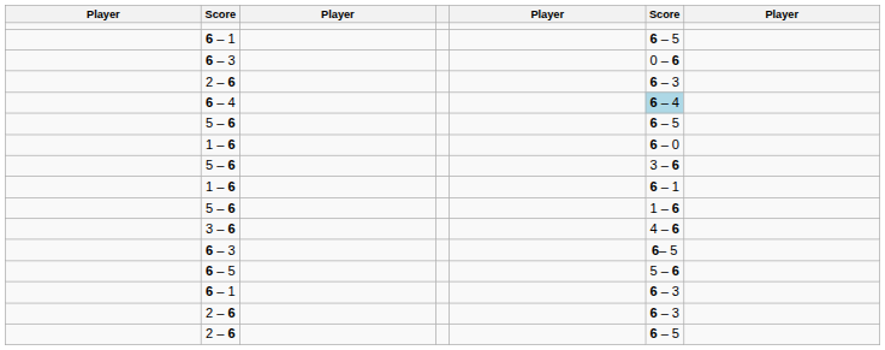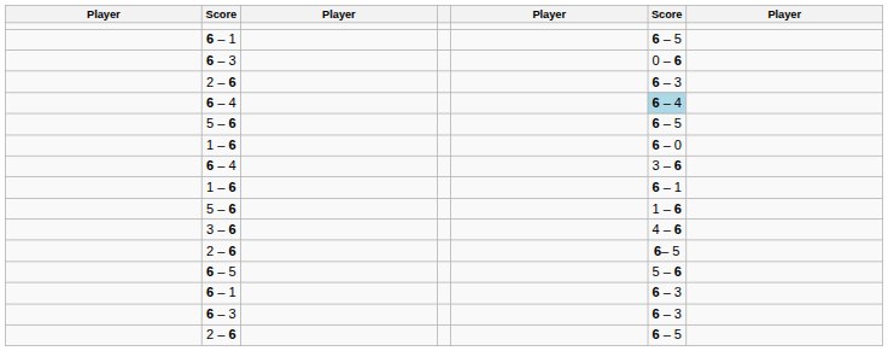 <table class="wikitable">
 <tr style="font-size:10pt;font-weight:bold">
 <th width=230>Player</th>
 <th width=40>Score</th>
 <th width=230>Player</th>
 <th width=10></th>
 <th width=230>Player</th>
 <th width=40>Score</th>
 <th width=230>Player</th>
 </tr>
 <tr>
 <td></td>
 <td align=center></td>
 <td></td>
 <td></td>
 <td></td>
 <td align=center></td>
 <td></td>
 </tr>
 <tr>
 <td></td>
 <td align=center><strong>6</strong> – 1</td>
 <td></td>
 <td></td>
 <td></td>
 <td align=center><strong>6</strong> – 5</td>
 <td></td>
 </tr>
 <tr>
 <td></td>
 <td align=center><strong>6</strong> – 3</td>
 <td></td>
 <td></td>
 <td></td>
 <td align=center>0 – <strong>6</strong></td>
 <td></td>
 </tr>
 <tr>
 <td></td>
 <td align=center>2 – <strong>6</strong></td>
 <td></td>
 <td></td>
 <td></td>
 <td align=center><strong>6</strong> – 3</td>
 <td></td>
 </tr>
 <tr>
 <td></td>
 <td align=center><strong>6</strong> – 4</td>
 <td></td>
 <td></td>
 <td></td>
 <td align=center style="background: lightblue;"><strong>6</strong> – 4</td>
 <td></td>
 </tr>
 <tr>
 <td></td>
 <td align=center>5 – <strong>6</strong></td>
 <td></td>
 <td></td>
 <td></td>
 <td align=center><strong>6</strong> – 5</td>
 <td></td>
 </tr>
 <tr>
 <td></td>
 <td align=center>1 – <strong>6</strong></td>
 <td></td>
 <td></td>
 <td></td>
 <td align=center><strong>6</strong> – 0</td>
 <td></td>
 </tr>
 <tr>
 <td></td>
-<td align=center>5 – <strong>6</strong></td>
+<td align=center><strong>6</strong> – 4</td>
 <td></td>
 <td></td>
 <td></td>
 <td align=center>3 – <strong>6</strong></td>
 <td></td>
 </tr>
 <tr>
 <td></td>
 <td align=center>1 – <strong>6</strong></td>
 <td></td>
 <td></td>
 <td></td>
 <td align=center><strong>6</strong> – 1</td>
 <td></td>
 </tr>
 <tr>
 <td></td>
 <td align=center>5 – <strong>6</strong></td>
 <td></td>
 <td></td>
 <td></td>
 <td align=center>1 – <strong>6</strong></td>
 <td></td>
 </tr>
 <tr>
 <td></td>
 <td align=center>3 – <strong>6</strong></td>
 <td></td>
 <td></td>
 <td></td>
 <td align=center>4 – <strong>6</strong></td>
 <td></td>
 </tr>
 <tr>
 <td></td>
-<td align=center><strong>6</strong> – 3</td>
+<td align=center>2 – <strong>6</strong></td>
 <td></td>
 <td></td>
 <td></td>
 <td align=center><strong>6</strong>– 5</td>
 <td></td>
 </tr>
 <tr>
 <td></td>
 <td align=center><strong>6</strong> – 5</td>
 <td></td>
 <td></td>
 <td></td>
 <td align=center>5 – <strong>6</strong></td>
 <td></td>
 </tr>
 <tr>
 <td></td>
 <td align=center><strong>6</strong> – 1</td>
 <td></td>
 <td></td>
 <td></td>
 <td align=center><strong>6</strong> – 3</td>
 <td></td>
 </tr>
 <tr>
 <td></td>
-<td align=center>2 – <strong>6</strong></td>
+<td align=center><strong>6</strong> – 3</td>
 <td></td>
 <td></td>
 <td></td>
 <td align=center><strong>6</strong> – 3</td>
 <td></td>
 </tr>
 <tr>
 <td></td>
 <td align=center>2 – <strong>6</strong></td>
 <td></td>
 <td></td>
 <td></td>
 <td align=center><strong>6</strong> – 5</td>
 <td></td>
 </tr>
 </table>
